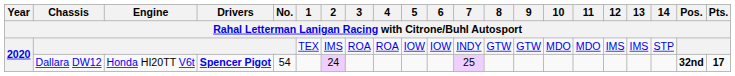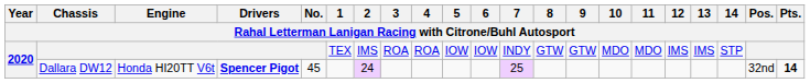 <table class="wikitable" style="text-align:center; font-size:85%">
 <tr>
 <th>Year</th>
 <th style="white-spaaace: nowrap;">Chassis</th>
 <th style="white-spaaace: nowrap;">Engine</th>
 <th style="white-spaaace: nowrap;">Drivers</th>
 <th>No.</th>
 <th>1</th>
 <th>2</th>
 <th>3</th>
 <th>4</th>
 <th>5</th>
 <th>6</th>
 <th>7</th>
 <th>8</th>
 <th>9</th>
 <th>10</th>
 <th>11</th>
 <th>12</th>
 <th>13</th>
 <th>14</th>
 <th>Pos.</th>
 <th>Pts.</th>
 </tr>
 <tr>
 <th colspan=21><a href='#'>Rahal Letterman Lanigan Racing</a> with Citrone/Buhl Autosport</th>
 </tr>
 <tr>
 <th rowspan=2><a href='#'>2020</a></th>
 <th colspan=4></th>
 <td><a href='#'>TEX</a></td>
 <td><a href='#'>IMS</a></td>
 <td><a href='#'>ROA</a></td>
 <td><a href='#'>ROA</a></td>
 <td><a href='#'>IOW</a></td>
 <td><a href='#'>IOW</a></td>
 <td><a href='#'>INDY</a></td>
 <td><a href='#'>GTW</a></td>
 <td><a href='#'>GTW</a></td>
 <td><a href='#'>MDO</a></td>
 <td><a href='#'>MDO</a></td>
 <td><a href='#'>IMS</a></td>
 <td><a href='#'>IMS</a></td>
 <td><a href='#'>STP</a></td>
 <th colspan=5></th>
 </tr>
 <tr>
 <td rowspan="1"><a href='#'>Dallara</a> <a href='#'>DW12</a></td>
 <td rowspan="1"><a href='#'>Honda</a> HI20TT <a href='#'>V6</a><a href='#'>t</a></td>
 <td align="left"><strong> <a href='#'>Spencer Pigot</a></strong></td>
-<td>54</td>
+<td>45</td>
 <td></td>
 <td style="background:#EFCFFF;">24</td>
 <td></td>
 <td></td>
 <td></td>
 <td></td>
 <td style="background:#EFCFFF;">25</td>
 <td></td>
 <td></td>
 <td></td>
 <td></td>
 <td></td>
 <td></td>
 <td></td>
-<td><strong>32nd</strong></td>
-<td><strong>17</strong></td>
+<td>32nd</td>
+<td><strong>14</strong></td>
 </tr>
 </table>
